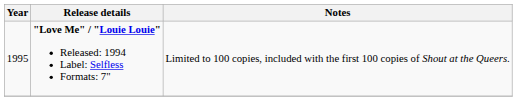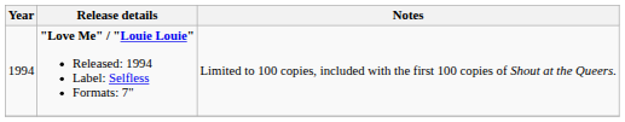 <table class ="wikitable">
 <tr>
 <th>Year</th>
 <th>Release details</th>
 <th>Notes</th>
 </tr>
 <tr>
-<td>1995</td>
+<td>1994</td>
 <td><strong>"Love Me" / "<a href='#'>Louie Louie</a>"</strong><br><ul><li>Released: 1994</li><li>Label: <a href='#'>Selfless</a></li><li>Formats: 7"</li></ul></td>
 <td>Limited to 100 copies, included with the first 100 copies of <em>Shout at the Queers</em>.</td>
 </tr>
 <tr>
 </tr>
 </table>
